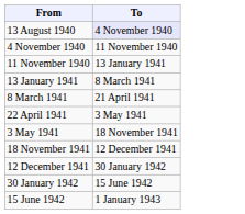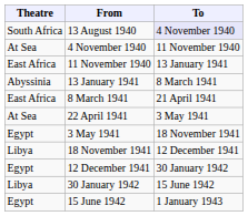 <table class="wikitable">
 <tr>
+<th style="text align: left; background: #eeefff;">Theatre</th>
 <th style="text align: left; background: #eeefff;">From</th>
 <th style="text align: left; background: #eeefff;">To</th>
 </tr>
 <tr>
+<td>South Africa</td>
 <td>13 August 1940</td>
 <td style="background: lavender;">4 November 1940</td>
 </tr>
 <tr>
+<td>At Sea</td>
 <td>4 November 1940</td>
 <td>11 November 1940</td>
 </tr>
 <tr>
+<td>East Africa</td>
 <td>11 November 1940</td>
 <td>13 January 1941</td>
 </tr>
 <tr>
+<td>Abyssinia</td>
 <td>13 January 1941</td>
 <td>8 March 1941</td>
 </tr>
 <tr>
+<td>East Africa</td>
 <td>8 March 1941</td>
 <td>21 April 1941</td>
 </tr>
 <tr>
+<td>At Sea</td>
 <td>22 April 1941</td>
 <td>3 May 1941</td>
 </tr>
 <tr>
+<td>Egypt</td>
 <td>3 May 1941</td>
 <td>18 November 1941</td>
 </tr>
 <tr>
+<td>Libya</td>
 <td>18 November 1941</td>
 <td>12 December 1941</td>
 </tr>
 <tr>
+<td>Egypt</td>
 <td>12 December 1941</td>
 <td>30 January 1942</td>
 </tr>
 <tr>
+<td>Libya</td>
 <td>30 January 1942</td>
 <td>15 June 1942</td>
 </tr>
 <tr>
+<td>Egypt</td>
 <td>15 June 1942</td>
 <td>1 January 1943</td>
 </tr>
 </table>
